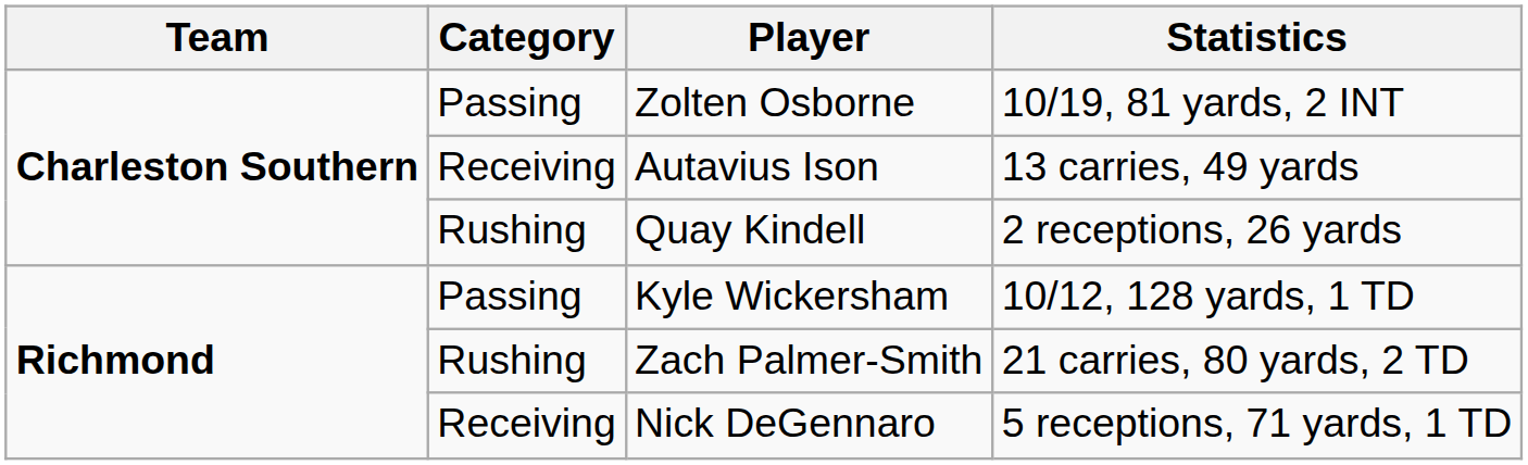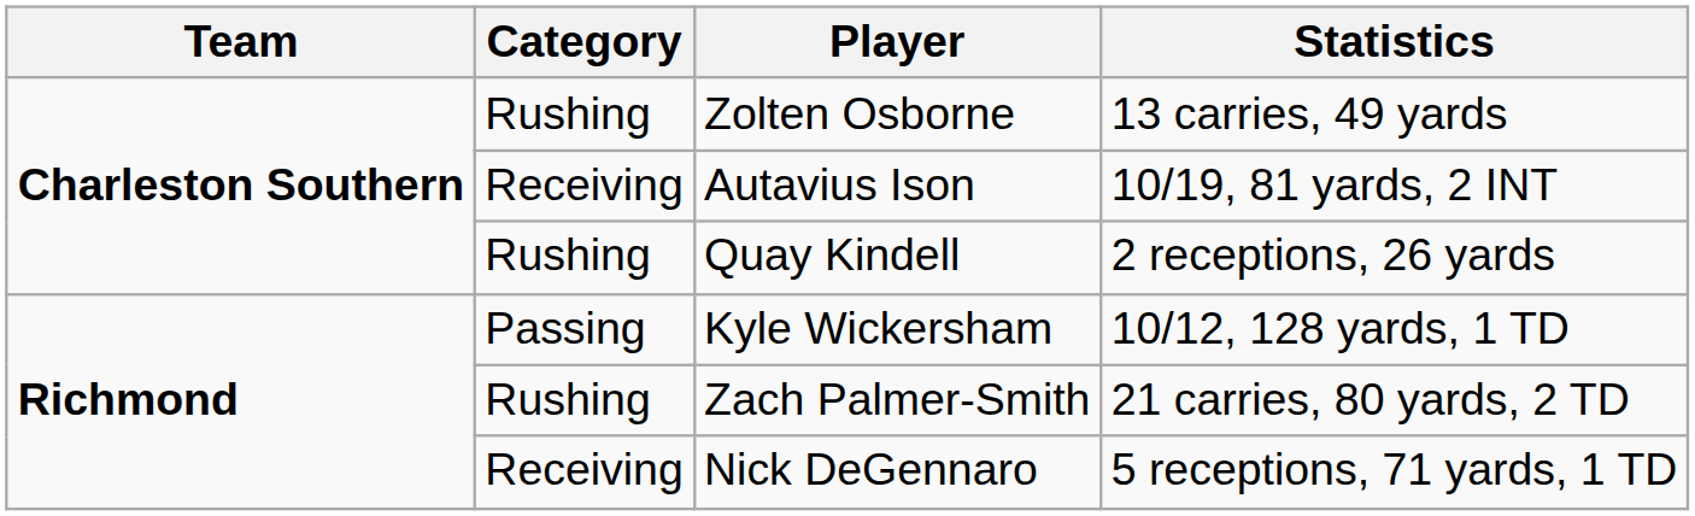 <table class="wikitable" style="float: right;">
 <tr>
 <th>Team</th>
 <th>Category</th>
 <th>Player</th>
 <th>Statistics</th>
 </tr>
 <tr>
 <td rowspan=3><strong>Charleston Southern</strong></td>
-<td>Passing</td>
+<td>Rushing</td>
 <td>Zolten Osborne</td>
-<td>10/19, 81 yards, 2 INT</td>
+<td>13 carries, 49 yards</td>
 </tr>
 <tr>
 <td>Receiving</td>
 <td>Autavius Ison</td>
-<td>13 carries, 49 yards</td>
+<td>10/19, 81 yards, 2 INT</td>
 </tr>
 <tr>
 <td>Rushing</td>
 <td>Quay Kindell</td>
 <td>2 receptions, 26 yards</td>
 </tr>
 <tr>
 <td rowspan=3><strong>Richmond</strong></td>
 <td>Passing</td>
 <td>Kyle Wickersham</td>
 <td>10/12, 128 yards, 1 TD</td>
 </tr>
 <tr>
 <td>Rushing</td>
 <td>Zach Palmer-Smith</td>
 <td>21 carries, 80 yards, 2 TD</td>
 </tr>
 <tr>
 <td>Receiving</td>
 <td>Nick DeGennaro</td>
 <td>5 receptions, 71 yards, 1 TD</td>
 </tr>
 </table>
